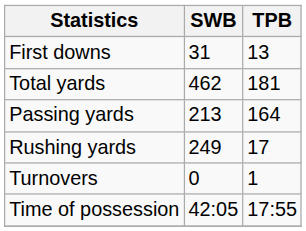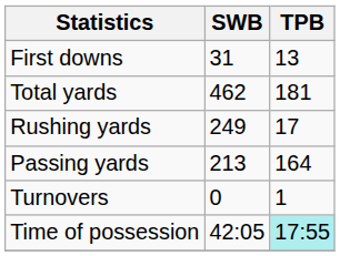 <table class="wikitable" style="float: left;">
 <tr>
 <th>Statistics</th>
 <th>SWB</th>
 <th>TPB</th>
 </tr>
 <tr>
 <td>First downs</td>
 <td>31</td>
 <td>13</td>
 </tr>
 <tr>
 <td>Total yards</td>
 <td>462</td>
 <td>181</td>
 </tr>
 <tr>
+<td>Rushing yards</td>
+<td>249</td>
+<td>17</td>
+</tr>
+<tr>
 <td>Passing yards</td>
 <td>213</td>
 <td>164</td>
-</tr>
-<tr>
-<td>Rushing yards</td>
-<td>249</td>
-<td>17</td>
 </tr>
 <tr>
 <td>Turnovers</td>
 <td>0</td>
 <td>1</td>
 </tr>
 <tr>
 <td>Time of possession</td>
 <td>42:05</td>
-<td>17:55</td>
+<td style="background: paleturquoise;">17:55</td>
 </tr>
 <tr>
 </tr>
 </table>
